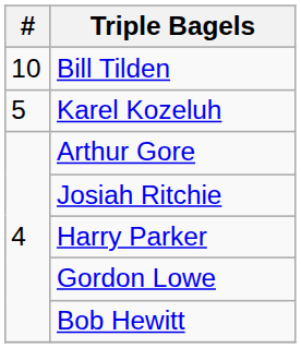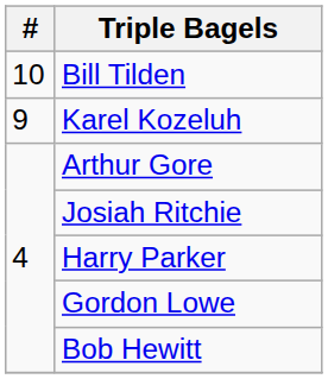 <table class="wikitable" style="display:inline-table;">
 <tr>
 <th width=20>#</th>
 <th width=140>Triple Bagels</th>
 </tr>
 <tr>
 <td>10</td>
 <td> <a href='#'>Bill Tilden</a></td>
 </tr>
 <tr>
-<td>5</td>
+<td>9</td>
 <td> <a href='#'>Karel Kozeluh</a></td>
 </tr>
 <tr>
 <td rowspan="5">4</td>
 <td> <a href='#'>Arthur Gore</a></td>
 </tr>
 <tr>
 <td> <a href='#'>Josiah Ritchie</a></td>
 </tr>
 <tr>
 <td> <a href='#'>Harry Parker</a></td>
 </tr>
 <tr>
 <td> <a href='#'>Gordon Lowe</a></td>
 </tr>
 <tr>
 <td> <a href='#'>Bob Hewitt</a></td>
 </tr>
 <tr>
 </tr>
 </table>
